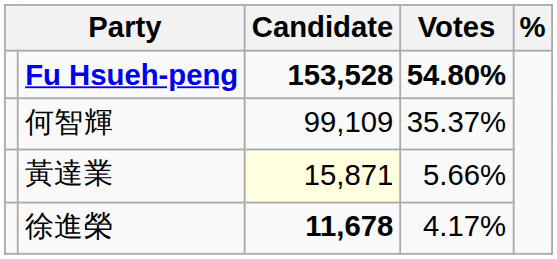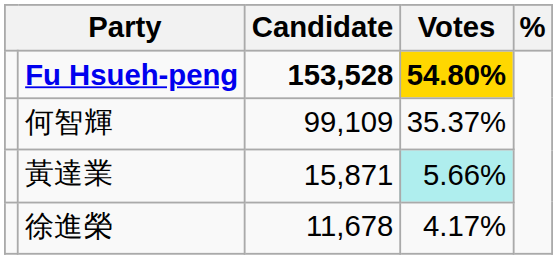 <table class="wikitable">
 <tr>
 <th colspan="2">Party</th>
 <th>Candidate</th>
 <th>Votes</th>
 <th>%</th>
 </tr>
 <tr>
 <td></td>
 <td><strong><a href='#'>Fu Hsueh-peng</a></strong></td>
 <td align="right"><strong>153,528</strong></td>
-<td align="right"><strong>54.80%</strong></td>
+<td align="right" style="background: gold;"><strong>54.80%</strong></td>
 </tr>
 <tr>
 <td></td>
 <td>何智輝</td>
 <td align="right">99,109</td>
 <td align="right">35.37%</td>
 </tr>
 <tr>
 <td></td>
 <td>黃達業</td>
-<td align="right" style="background: lightyellow;">15,871</td>
-<td align="right">5.66%</td>
+<td align="right">15,871</td>
+<td align="right" style="background: paleturquoise;">5.66%</td>
 </tr>
 <tr>
 <td></td>
 <td>徐進榮</td>
-<td align="right"><strong>11,678</strong></td>
+<td align="right">11,678</td>
 <td align="right">4.17%</td>
 </tr>
 </table>
